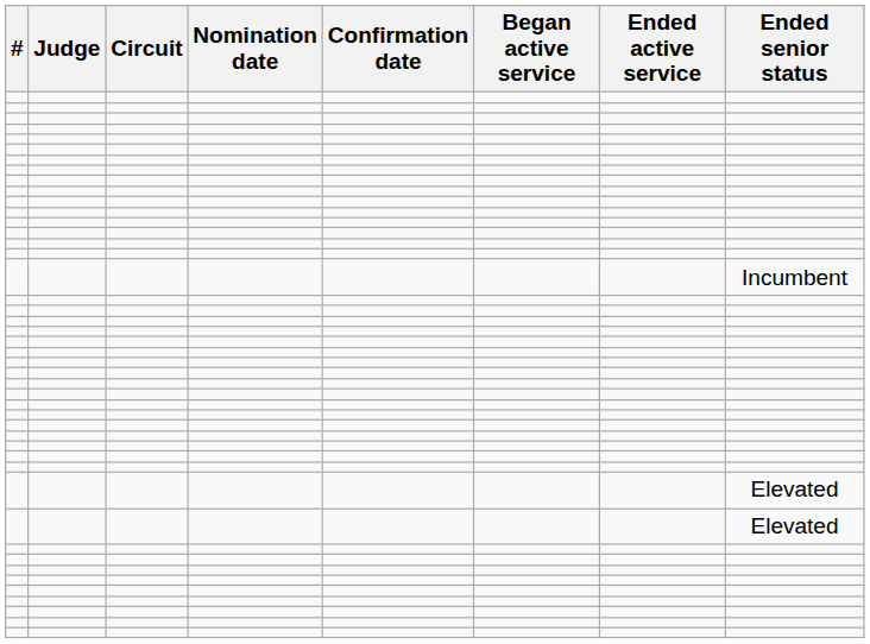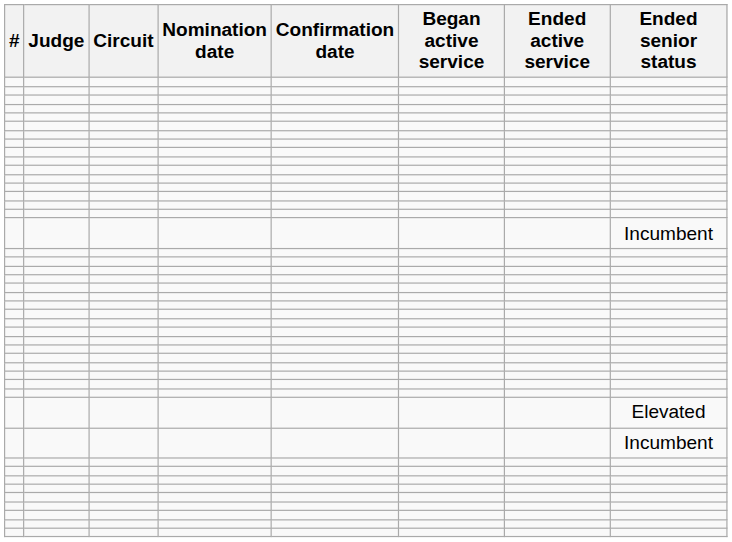 <table class="sortable wikitable">
 <tr bgcolor="#ececec">
 <th>#</th>
 <th>Judge</th>
 <th>Circuit</th>
 <th>Nomination<br>date</th>
 <th>Confirmation<br>date</th>
 <th>Began active<br>service</th>
 <th>Ended active<br>service</th>
 <th>Ended senior<br>status</th>
 </tr>
 <tr>
 <td></td>
 <td></td>
 <td></td>
 <td></td>
 <td></td>
 <td></td>
 <td></td>
 <td></td>
 </tr>
 <tr>
 <td></td>
 <td></td>
 <td></td>
 <td></td>
 <td></td>
 <td></td>
 <td></td>
 <td></td>
 </tr>
 <tr>
 <td></td>
 <td></td>
 <td></td>
 <td></td>
 <td></td>
 <td></td>
 <td></td>
 <td align="center"></td>
 </tr>
 <tr>
 <td></td>
 <td></td>
 <td></td>
 <td></td>
 <td></td>
 <td></td>
 <td></td>
 <td></td>
 </tr>
 <tr>
 <td></td>
 <td></td>
 <td></td>
 <td></td>
 <td></td>
 <td></td>
 <td></td>
 <td></td>
 </tr>
 <tr>
 <td></td>
 <td></td>
 <td></td>
 <td></td>
 <td></td>
 <td></td>
 <td></td>
 <td></td>
 </tr>
 <tr>
 <td></td>
 <td></td>
 <td></td>
 <td></td>
 <td></td>
 <td></td>
 <td></td>
 <td align="center"></td>
 </tr>
 <tr>
 <td></td>
 <td></td>
 <td></td>
 <td></td>
 <td></td>
 <td></td>
 <td></td>
 <td align="center"></td>
 </tr>
 <tr>
 <td></td>
 <td></td>
 <td></td>
 <td></td>
 <td></td>
 <td></td>
 <td></td>
 <td align="center"></td>
 </tr>
 <tr>
 <td></td>
 <td></td>
 <td></td>
 <td></td>
 <td></td>
 <td></td>
 <td></td>
 <td align="center"></td>
 </tr>
 <tr>
 <td></td>
 <td></td>
 <td></td>
 <td></td>
 <td></td>
 <td></td>
 <td></td>
 <td></td>
 </tr>
 <tr>
 <td></td>
 <td></td>
 <td></td>
 <td></td>
 <td></td>
 <td></td>
 <td></td>
 <td></td>
 </tr>
 <tr>
 <td></td>
 <td></td>
 <td></td>
 <td></td>
 <td></td>
 <td></td>
 <td></td>
 <td></td>
 </tr>
 <tr>
 <td></td>
 <td></td>
 <td></td>
 <td></td>
 <td></td>
 <td></td>
 <td></td>
 <td align="center"></td>
 </tr>
 <tr>
 <td></td>
 <td></td>
 <td></td>
 <td></td>
 <td></td>
 <td></td>
 <td></td>
 <td></td>
 </tr>
 <tr>
 <td></td>
 <td></td>
 <td></td>
 <td></td>
 <td></td>
 <td></td>
 <td></td>
 <td></td>
 </tr>
 <tr>
 <td></td>
 <td></td>
 <td></td>
 <td></td>
 <td></td>
 <td></td>
 <td></td>
 <td align="center">Incumbent</td>
 </tr>
 <tr>
 <td></td>
 <td></td>
 <td></td>
 <td></td>
 <td></td>
 <td></td>
 <td></td>
 <td></td>
 </tr>
 <tr>
 <td></td>
 <td></td>
 <td></td>
 <td></td>
 <td></td>
 <td></td>
 <td></td>
 <td></td>
 </tr>
 <tr>
 <td></td>
 <td></td>
 <td></td>
 <td></td>
 <td></td>
 <td></td>
 <td></td>
 <td align="center"></td>
 </tr>
 <tr>
 <td></td>
 <td></td>
 <td></td>
 <td></td>
 <td></td>
 <td></td>
 <td></td>
 <td></td>
 </tr>
 <tr>
 <td></td>
 <td></td>
 <td></td>
 <td></td>
 <td></td>
 <td></td>
 <td></td>
 <td></td>
 </tr>
 <tr>
 <td></td>
 <td></td>
 <td></td>
 <td></td>
 <td></td>
 <td></td>
 <td></td>
 <td align="center"></td>
 </tr>
 <tr>
 <td></td>
 <td></td>
 <td></td>
 <td></td>
 <td></td>
 <td></td>
 <td></td>
 <td align="center"></td>
 </tr>
 <tr>
 <td></td>
 <td></td>
 <td></td>
 <td></td>
 <td></td>
 <td></td>
 <td></td>
 <td></td>
 </tr>
 <tr>
 <td></td>
 <td></td>
 <td></td>
 <td></td>
 <td></td>
 <td></td>
 <td></td>
 <td></td>
 </tr>
 <tr>
 <td></td>
 <td></td>
 <td></td>
 <td></td>
 <td></td>
 <td></td>
 <td></td>
 <td align="center"></td>
 </tr>
 <tr>
 <td></td>
 <td></td>
 <td></td>
 <td></td>
 <td></td>
 <td></td>
 <td></td>
 <td></td>
 </tr>
 <tr>
 <td></td>
 <td></td>
 <td></td>
 <td></td>
 <td></td>
 <td></td>
 <td></td>
 <td></td>
 </tr>
 <tr>
 <td></td>
 <td></td>
 <td></td>
 <td></td>
 <td></td>
 <td></td>
 <td></td>
 <td></td>
 </tr>
 <tr>
 <td></td>
 <td></td>
 <td></td>
 <td></td>
 <td></td>
 <td></td>
 <td></td>
 <td></td>
 </tr>
 <tr>
 <td></td>
 <td></td>
 <td></td>
 <td></td>
 <td></td>
 <td></td>
 <td></td>
 <td align="center"></td>
 </tr>
 <tr>
 <td></td>
 <td></td>
 <td></td>
 <td></td>
 <td></td>
 <td></td>
 <td></td>
 <td></td>
 </tr>
 <tr>
 <td></td>
 <td></td>
 <td></td>
 <td></td>
 <td></td>
 <td></td>
 <td></td>
 <td></td>
 </tr>
 <tr>
 <td></td>
 <td></td>
 <td></td>
 <td></td>
 <td></td>
 <td></td>
 <td></td>
 <td align="center">Elevated</td>
 </tr>
 <tr>
 <td></td>
 <td></td>
 <td></td>
 <td></td>
 <td></td>
 <td></td>
 <td></td>
-<td align="center">Elevated</td>
+<td align="center">Incumbent</td>
 </tr>
 <tr>
 <td></td>
 <td></td>
 <td></td>
 <td></td>
 <td></td>
 <td></td>
 <td></td>
 <td></td>
 </tr>
 <tr>
 <td></td>
 <td></td>
 <td></td>
 <td></td>
 <td></td>
 <td></td>
 <td></td>
 <td></td>
 </tr>
 <tr>
 <td></td>
 <td></td>
 <td></td>
 <td></td>
 <td></td>
 <td></td>
 <td></td>
 <td></td>
 </tr>
 <tr>
 <td></td>
 <td></td>
 <td></td>
 <td></td>
 <td></td>
 <td></td>
 <td></td>
 <td align="center"></td>
 </tr>
 <tr>
 <td></td>
 <td></td>
 <td></td>
 <td></td>
 <td></td>
 <td></td>
 <td></td>
 <td align="center"></td>
 </tr>
 <tr>
 <td></td>
 <td></td>
 <td></td>
 <td></td>
 <td></td>
 <td></td>
 <td></td>
 <td></td>
 </tr>
 <tr>
 <td></td>
 <td></td>
 <td></td>
 <td></td>
 <td></td>
 <td></td>
 <td></td>
 <td></td>
 </tr>
 <tr>
 <td></td>
 <td></td>
 <td></td>
 <td></td>
 <td></td>
 <td></td>
 <td></td>
 <td></td>
 </tr>
 <tr>
 <td></td>
 <td></td>
 <td></td>
 <td></td>
 <td></td>
 <td></td>
 <td></td>
 <td align="center"></td>
 </tr>
 </table>
